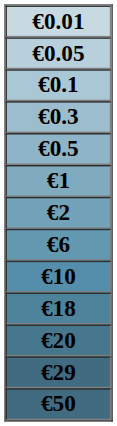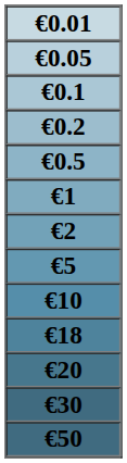 <table border=1 cellspacing=0 cellpadding=1 width=75px|->
 <tr>
 <td bgcolor="#C7DAE2" align=center><span><strong>€0.01</strong></span></td>
 </tr>
 <tr>
 <td bgcolor="#B8D0DC" align=center><span><strong>€0.05</strong></span></td>
 </tr>
 <tr>
 <td bgcolor="#AAC7D5" align=center><span><strong>€0.1</strong></span></td>
 </tr>
 <tr>
-<td bgcolor="#9CBDCD" align=center><span><strong>€0.3</strong></span></td>
+<td bgcolor="#9CBDCD" align=center><span><strong>€0.2</strong></span></td>
 </tr>
 <tr>
 <td bgcolor="#8DB4C7" align=center><span><strong>€0.5</strong></span></td>
 </tr>
 <tr>
 <td bgcolor="#80ABBF" align=center><span><strong>€1</strong></span></td>
 </tr>
 <tr>
 <td bgcolor="#72A2B8" align=center><span><strong>€2</strong></span></td>
 </tr>
 <tr>
-<td bgcolor="#6398B1" align=center><span><strong>€6</strong></span></td>
+<td bgcolor="#6398B1" align=center><span><strong>€5</strong></span></td>
 </tr>
 <tr>
 <td bgcolor="#558EAA" align=center><span><strong>€10</strong></span></td>
 </tr>
 <tr>
 <td bgcolor="#4E839C" align=center><span><strong>€18</strong></span></td>
 </tr>
 <tr>
 <td bgcolor="#47778D" align=center><span><strong>€20</strong></span></td>
 </tr>
 <tr>
-<td bgcolor="#406B80" align=center><span><strong>€29</strong></span></td>
+<td bgcolor="#406B80" align=center><span><strong>€30</strong></span></td>
 </tr>
 <tr>
 <td bgcolor="#406B80" align=center><span><strong>€50</strong></span></td>
 </tr>
 </table>
